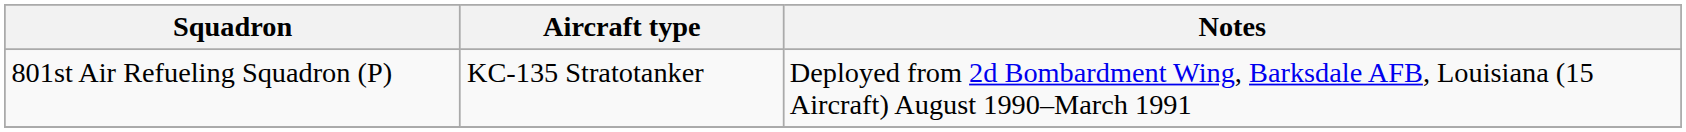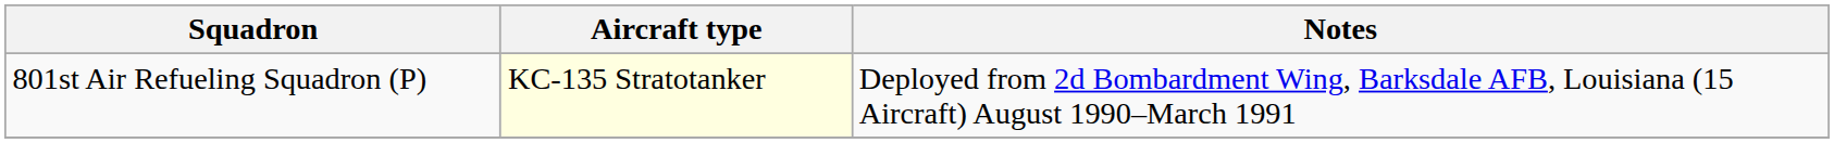 <table class="wikitable">
 <tr>
 <th scope="col" width="250">Squadron</th>
 <th scope="col" width="175">Aircraft type</th>
 <th scope="col" width="500">Notes</th>
 </tr>
 <tr valign="top">
 <td>801st Air Refueling Squadron (P)</td>
-<td>KC-135 Stratotanker</td>
+<td style="background: lightyellow;">KC-135 Stratotanker</td>
 <td>Deployed from <a href='#'>2d Bombardment Wing</a>, <a href='#'>Barksdale AFB</a>, Louisiana (15 Aircraft) August 1990–March 1991</td>
 </tr>
 <tr>
 </tr>
 </table>
